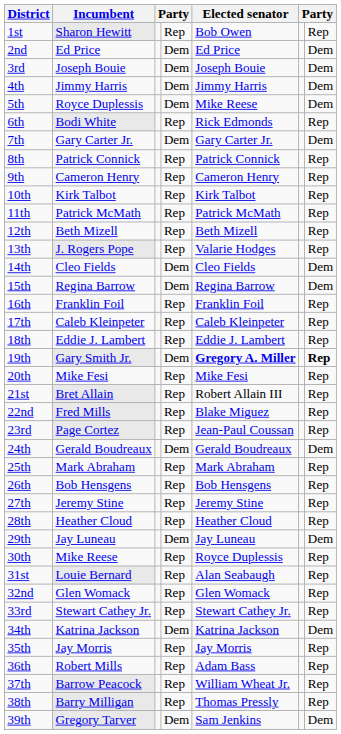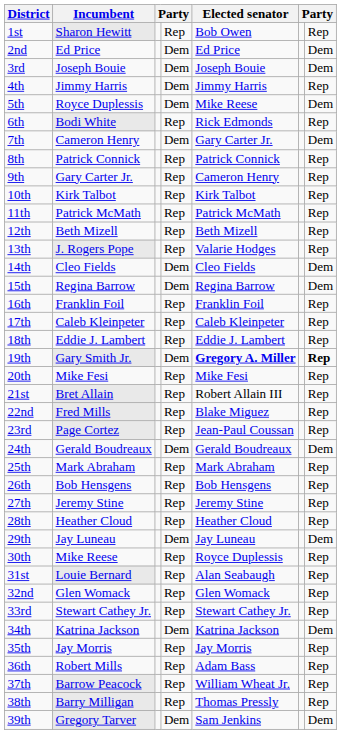 <table class="sortable wikitable" style="font-size:95%;line-height:14px;">
 <tr>
 <th class="unsortable"><a href='#'>District</a></th>
 <th class="unsortable"><a href='#'>Incumbent</a></th>
 <th colspan="2">Party</th>
 <th class="unsortable">Elected senator</th>
 <th colspan="2">Party</th>
 </tr>
 <tr>
 <td><a href='#'>1st</a></td>
 <td style="background:#E9E9E9;"><a href='#'>Sharon Hewitt</a></td>
 <td style="background:"></td>
 <td>Rep</td>
 <td><a href='#'>Bob Owen</a></td>
 <td style="background:"></td>
 <td>Rep</td>
 </tr>
 <tr>
 <td><a href='#'>2nd</a></td>
 <td><a href='#'>Ed Price</a></td>
 <td style="background:"></td>
 <td>Dem</td>
 <td><a href='#'>Ed Price</a></td>
 <td style="background:"></td>
 <td>Dem</td>
 </tr>
 <tr>
 <td><a href='#'>3rd</a></td>
 <td><a href='#'>Joseph Bouie</a></td>
 <td style="background:"></td>
 <td>Dem</td>
 <td><a href='#'>Joseph Bouie</a></td>
 <td style="background:"></td>
 <td>Dem</td>
 </tr>
 <tr>
 <td><a href='#'>4th</a></td>
 <td><a href='#'>Jimmy Harris</a></td>
 <td style="background:"></td>
 <td>Dem</td>
 <td><a href='#'>Jimmy Harris</a></td>
 <td style="background:"></td>
-<td>Dem</td>
+<td>Rep</td>
 </tr>
 <tr>
 <td><a href='#'>5th</a></td>
 <td><a href='#'>Royce Duplessis</a></td>
 <td style="background:"></td>
 <td>Dem</td>
 <td><a href='#'>Mike Reese</a></td>
 <td style="background:"></td>
 <td>Dem</td>
 </tr>
 <tr>
 <td><a href='#'>6th</a></td>
 <td style="background:#E9E9E9;"><a href='#'>Bodi White</a></td>
 <td style="background:"></td>
 <td>Rep</td>
 <td><a href='#'>Rick Edmonds</a></td>
 <td style="background:"></td>
 <td>Rep</td>
 </tr>
 <tr>
 <td><a href='#'>7th</a></td>
-<td><a href='#'>Gary Carter Jr.</a></td>
+<td><a href='#'>Cameron Henry</a></td>
 <td style="background:"></td>
 <td>Dem</td>
 <td><a href='#'>Gary Carter Jr.</a></td>
 <td style="background:"></td>
 <td>Dem</td>
 </tr>
 <tr>
 <td><a href='#'>8th</a></td>
 <td><a href='#'>Patrick Connick</a></td>
 <td style="background:"></td>
 <td>Rep</td>
 <td><a href='#'>Patrick Connick</a></td>
 <td style="background:"></td>
 <td>Rep</td>
 </tr>
 <tr>
 <td><a href='#'>9th</a></td>
-<td><a href='#'>Cameron Henry</a></td>
+<td><a href='#'>Gary Carter Jr.</a></td>
 <td style="background:"></td>
 <td>Rep</td>
 <td><a href='#'>Cameron Henry</a></td>
 <td style="background:"></td>
 <td>Rep</td>
 </tr>
 <tr>
 <td><a href='#'>10th</a></td>
 <td><a href='#'>Kirk Talbot</a></td>
 <td style="background:"></td>
 <td>Rep</td>
 <td><a href='#'>Kirk Talbot</a></td>
 <td style="background:"></td>
 <td>Rep</td>
 </tr>
 <tr>
 <td><a href='#'>11th</a></td>
 <td><a href='#'>Patrick McMath</a></td>
 <td style="background:"></td>
 <td>Rep</td>
 <td><a href='#'>Patrick McMath</a></td>
 <td style="background:"></td>
 <td>Rep</td>
 </tr>
 <tr>
 <td><a href='#'>12th</a></td>
 <td><a href='#'>Beth Mizell</a></td>
 <td style="background:"></td>
 <td>Rep</td>
 <td><a href='#'>Beth Mizell</a></td>
 <td style="background:"></td>
 <td>Rep</td>
 </tr>
 <tr>
 <td><a href='#'>13th</a></td>
 <td style="background:#E9E9E9;"><a href='#'>J. Rogers Pope</a></td>
 <td style="background:"></td>
 <td>Rep</td>
 <td><a href='#'>Valarie Hodges</a></td>
 <td style="background:"></td>
 <td>Rep</td>
 </tr>
 <tr>
 <td><a href='#'>14th</a></td>
 <td><a href='#'>Cleo Fields</a></td>
 <td style="background:"></td>
 <td>Dem</td>
 <td><a href='#'>Cleo Fields</a></td>
 <td style="background:"></td>
 <td>Dem</td>
 </tr>
 <tr>
 <td><a href='#'>15th</a></td>
 <td><a href='#'>Regina Barrow</a></td>
 <td style="background:"></td>
 <td>Dem</td>
 <td><a href='#'>Regina Barrow</a></td>
 <td style="background:"></td>
 <td>Dem</td>
 </tr>
 <tr>
 <td><a href='#'>16th</a></td>
 <td><a href='#'>Franklin Foil</a></td>
 <td style="background:"></td>
 <td>Rep</td>
 <td><a href='#'>Franklin Foil</a></td>
 <td style="background:"></td>
 <td>Rep</td>
 </tr>
 <tr>
 <td><a href='#'>17th</a></td>
 <td><a href='#'>Caleb Kleinpeter</a></td>
 <td style="background:"></td>
 <td>Rep</td>
 <td><a href='#'>Caleb Kleinpeter</a></td>
 <td style="background:"></td>
 <td>Rep</td>
 </tr>
 <tr>
 <td><a href='#'>18th</a></td>
 <td><a href='#'>Eddie J. Lambert</a></td>
 <td style="background:"></td>
 <td>Rep</td>
 <td><a href='#'>Eddie J. Lambert</a></td>
 <td style="background:"></td>
 <td>Rep</td>
 </tr>
 <tr>
 <td><a href='#'>19th</a></td>
 <td style="background:#E9E9E9;"><a href='#'>Gary Smith Jr.</a></td>
 <td style="background:"></td>
 <td>Dem</td>
 <td><strong><a href='#'>Gregory A. Miller</a></strong></td>
 <td style="background:"></td>
 <td><strong>Rep</strong></td>
 </tr>
 <tr>
 <td><a href='#'>20th</a></td>
 <td><a href='#'>Mike Fesi</a></td>
 <td style="background:"></td>
 <td>Rep</td>
 <td><a href='#'>Mike Fesi</a></td>
 <td style="background:"></td>
 <td>Rep</td>
 </tr>
 <tr>
 <td><a href='#'>21st</a></td>
 <td style="background:#E9E9E9;"><a href='#'>Bret Allain</a></td>
 <td style="background:"></td>
 <td>Rep</td>
 <td>Robert Allain III</td>
 <td style="background:"></td>
 <td>Rep</td>
 </tr>
 <tr>
 <td><a href='#'>22nd</a></td>
 <td style="background:#E9E9E9;"><a href='#'>Fred Mills</a></td>
 <td style="background:"></td>
 <td>Rep</td>
 <td><a href='#'>Blake Miguez</a></td>
 <td style="background:"></td>
 <td>Rep</td>
 </tr>
 <tr>
 <td><a href='#'>23rd</a></td>
 <td style="background:#E9E9E9;"><a href='#'>Page Cortez</a></td>
 <td style="background:"></td>
 <td>Rep</td>
 <td><a href='#'>Jean-Paul Coussan</a></td>
 <td style="background:"></td>
 <td>Rep</td>
 </tr>
 <tr>
 <td><a href='#'>24th</a></td>
 <td><a href='#'>Gerald Boudreaux</a></td>
 <td style="background:"></td>
 <td>Dem</td>
 <td><a href='#'>Gerald Boudreaux</a></td>
 <td style="background:"></td>
 <td>Dem</td>
 </tr>
 <tr>
 <td><a href='#'>25th</a></td>
 <td><a href='#'>Mark Abraham</a></td>
 <td style="background:"></td>
 <td>Rep</td>
 <td><a href='#'>Mark Abraham</a></td>
 <td style="background:"></td>
 <td>Rep</td>
 </tr>
 <tr>
 <td><a href='#'>26th</a></td>
 <td><a href='#'>Bob Hensgens</a></td>
 <td style="background:"></td>
 <td>Rep</td>
 <td><a href='#'>Bob Hensgens</a></td>
 <td style="background:"></td>
 <td>Rep</td>
 </tr>
 <tr>
 <td><a href='#'>27th</a></td>
 <td><a href='#'>Jeremy Stine</a></td>
 <td style="background:"></td>
 <td>Rep</td>
 <td><a href='#'>Jeremy Stine</a></td>
 <td style="background:"></td>
 <td>Rep</td>
 </tr>
 <tr>
 <td><a href='#'>28th</a></td>
 <td><a href='#'>Heather Cloud</a></td>
 <td style="background:"></td>
 <td>Rep</td>
 <td><a href='#'>Heather Cloud</a></td>
 <td style="background:"></td>
 <td>Rep</td>
 </tr>
 <tr>
 <td><a href='#'>29th</a></td>
 <td><a href='#'>Jay Luneau</a></td>
 <td style="background:"></td>
 <td>Dem</td>
 <td><a href='#'>Jay Luneau</a></td>
 <td style="background:"></td>
 <td>Dem</td>
 </tr>
 <tr>
 <td><a href='#'>30th</a></td>
 <td><a href='#'>Mike Reese</a></td>
 <td style="background:"></td>
 <td>Rep</td>
 <td><a href='#'>Royce Duplessis</a></td>
 <td style="background:"></td>
 <td>Rep</td>
 </tr>
 <tr>
 <td><a href='#'>31st</a></td>
 <td style="background:#E9E9E9;"><a href='#'>Louie Bernard</a></td>
 <td style="background:"></td>
 <td>Rep</td>
 <td><a href='#'>Alan Seabaugh</a></td>
 <td style="background:"></td>
 <td>Rep</td>
 </tr>
 <tr>
 <td><a href='#'>32nd</a></td>
 <td><a href='#'>Glen Womack</a></td>
 <td style="background:"></td>
 <td>Rep</td>
 <td><a href='#'>Glen Womack</a></td>
 <td style="background:"></td>
 <td>Rep</td>
 </tr>
 <tr>
 <td><a href='#'>33rd</a></td>
 <td><a href='#'>Stewart Cathey Jr.</a></td>
 <td style="background:"></td>
 <td>Rep</td>
 <td><a href='#'>Stewart Cathey Jr.</a></td>
 <td style="background:"></td>
 <td>Rep</td>
 </tr>
 <tr>
 <td><a href='#'>34th</a></td>
 <td><a href='#'>Katrina Jackson</a></td>
 <td style="background:"></td>
 <td>Dem</td>
 <td><a href='#'>Katrina Jackson</a></td>
 <td style="background:"></td>
 <td>Dem</td>
 </tr>
 <tr>
 <td><a href='#'>35th</a></td>
 <td><a href='#'>Jay Morris</a></td>
 <td style="background:"></td>
 <td>Rep</td>
 <td><a href='#'>Jay Morris</a></td>
 <td style="background:"></td>
 <td>Rep</td>
 </tr>
 <tr>
 <td><a href='#'>36th</a></td>
 <td><a href='#'>Robert Mills</a></td>
 <td style="background:"></td>
 <td>Rep</td>
 <td><a href='#'>Adam Bass</a></td>
 <td style="background:"></td>
 <td>Rep</td>
 </tr>
 <tr>
 <td><a href='#'>37th</a></td>
 <td style="background:#E9E9E9;"><a href='#'>Barrow Peacock</a></td>
 <td style="background:"></td>
 <td>Rep</td>
 <td><a href='#'>William Wheat Jr.</a></td>
 <td style="background:"></td>
 <td>Rep</td>
 </tr>
 <tr>
 <td><a href='#'>38th</a></td>
 <td style="background:#E9E9E9;"><a href='#'>Barry Milligan</a></td>
 <td style="background:"></td>
 <td>Rep</td>
 <td><a href='#'>Thomas Pressly</a></td>
 <td style="background:"></td>
 <td>Rep</td>
 </tr>
 <tr>
 <td><a href='#'>39th</a></td>
 <td style="background:#E9E9E9;"><a href='#'>Gregory Tarver</a></td>
 <td style="background:"></td>
 <td>Dem</td>
 <td><a href='#'>Sam Jenkins</a></td>
 <td style="background:"></td>
 <td>Dem</td>
 </tr>
 </table>
